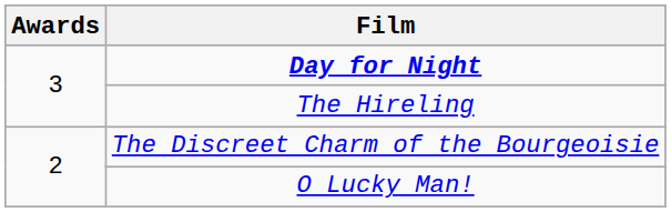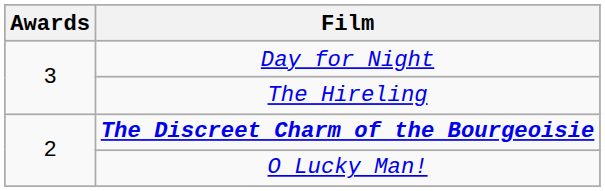 <table class="wikitable" style="text-align:center;">
 <tr>
 <th style="background:">Awards</th>
 <th style="background:">Film</th>
 </tr>
 <tr>
 <td rowspan="2">3</td>
-<td><strong><em><a href='#'>Day for Night</a></em></strong></td>
+<td><em><a href='#'>Day for Night</a></em></td>
 </tr>
 <tr>
 <td><em><a href='#'>The Hireling</a></em></td>
 </tr>
 <tr>
 <td rowspan="2">2</td>
-<td><em><a href='#'>The Discreet Charm of the Bourgeoisie</a></em></td>
+<td><strong><em><a href='#'>The Discreet Charm of the Bourgeoisie</a></em></strong></td>
 </tr>
 <tr>
 <td><em><a href='#'>O Lucky Man!</a></em></td>
 </tr>
 </table>
